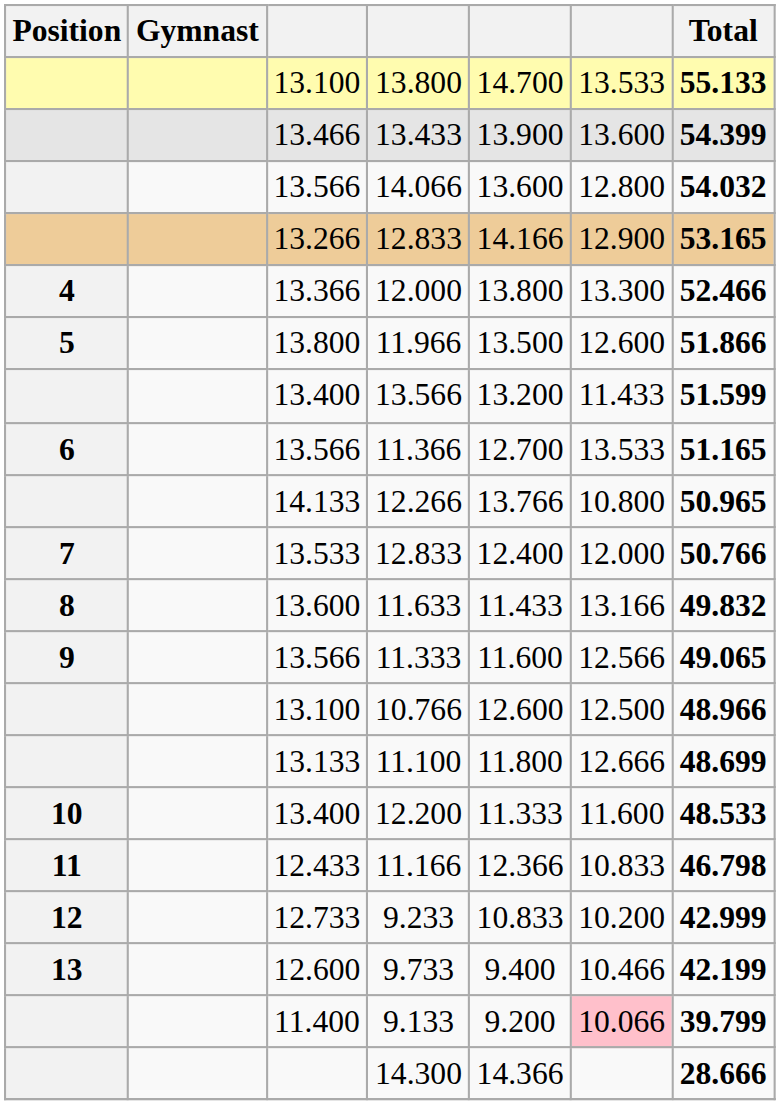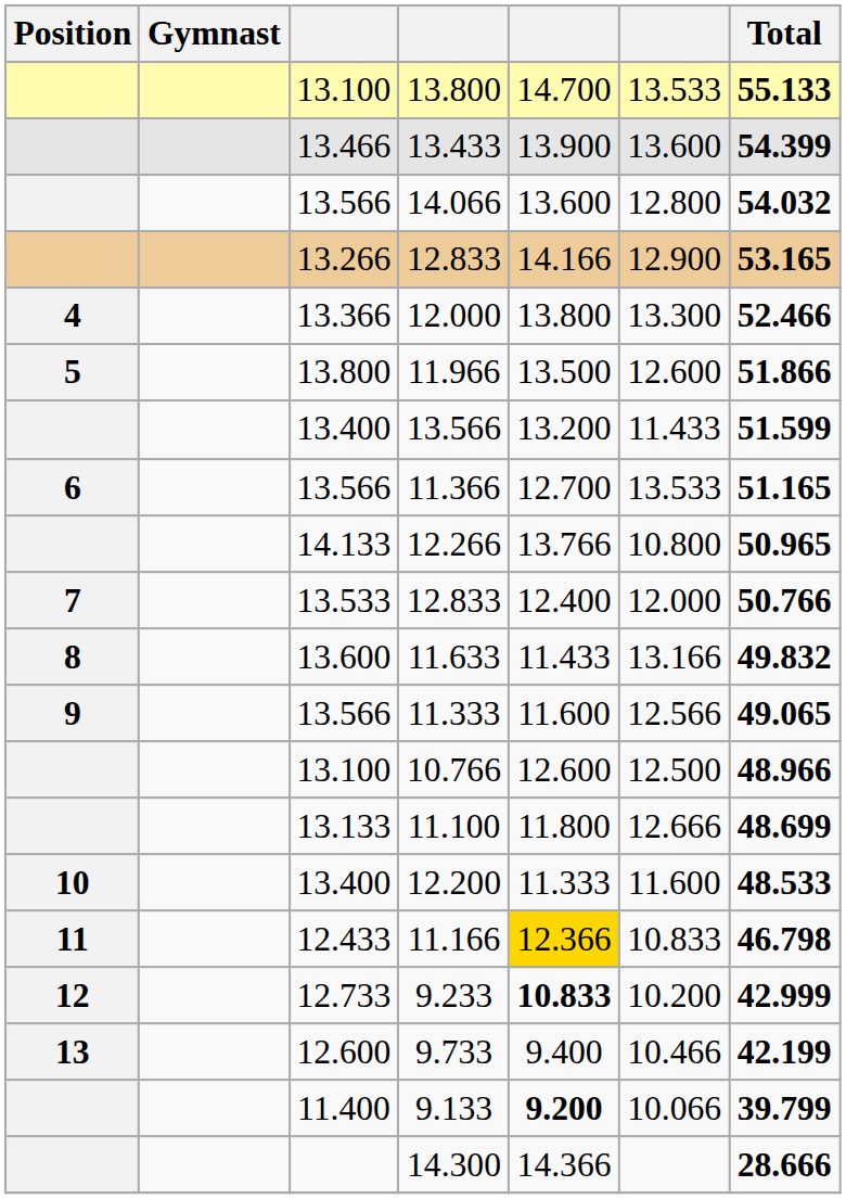 <table class="wikitable sortable" style="text-align:center; font-size:95%">
 <tr>
 <th>Position</th>
 <th>Gymnast</th>
 <th></th>
 <th></th>
 <th></th>
 <th></th>
 <th>Total</th>
 </tr>
 <tr bgcolor=fffcaf>
 <td></td>
 <td align=left></td>
 <td>13.100</td>
 <td>13.800</td>
 <td>14.700</td>
 <td>13.533</td>
 <td><strong>55.133</strong></td>
 </tr>
 <tr bgcolor=e5e5e5>
 <td></td>
 <td align=left></td>
 <td>13.466</td>
 <td>13.433</td>
 <td>13.900</td>
 <td>13.600</td>
 <td><strong>54.399</strong></td>
 </tr>
 <tr>
 <th></th>
 <td align=left></td>
 <td>13.566</td>
 <td>14.066</td>
 <td>13.600</td>
 <td>12.800</td>
 <td><strong>54.032</strong></td>
 </tr>
 <tr bgcolor=eecc99>
 <td></td>
 <td align=left></td>
 <td>13.266</td>
 <td>12.833</td>
 <td>14.166</td>
 <td>12.900</td>
 <td><strong>53.165</strong></td>
 </tr>
 <tr>
 <th><strong>4</strong></th>
 <td align=left></td>
 <td>13.366</td>
 <td>12.000</td>
 <td>13.800</td>
 <td>13.300</td>
 <td><strong>52.466</strong></td>
 </tr>
 <tr>
 <th><strong>5</strong></th>
 <td align=left></td>
 <td>13.800</td>
 <td>11.966</td>
 <td>13.500</td>
 <td>12.600</td>
 <td><strong>51.866</strong></td>
 </tr>
 <tr>
 <th></th>
 <td align=left></td>
 <td>13.400</td>
 <td>13.566</td>
 <td>13.200</td>
 <td>11.433</td>
 <td><strong>51.599</strong></td>
 </tr>
 <tr>
 <th><strong>6</strong></th>
 <td align=left></td>
 <td>13.566</td>
 <td>11.366</td>
 <td>12.700</td>
 <td>13.533</td>
 <td><strong>51.165</strong></td>
 </tr>
 <tr>
 <th></th>
 <td align=left></td>
 <td>14.133</td>
 <td>12.266</td>
 <td>13.766</td>
 <td>10.800</td>
 <td><strong>50.965</strong></td>
 </tr>
 <tr>
 <th><strong>7</strong></th>
 <td align=left></td>
 <td>13.533</td>
 <td>12.833</td>
 <td>12.400</td>
 <td>12.000</td>
 <td><strong>50.766</strong></td>
 </tr>
 <tr>
 <th><strong>8</strong></th>
 <td align=left></td>
 <td>13.600</td>
 <td>11.633</td>
 <td>11.433</td>
 <td>13.166</td>
 <td><strong>49.832</strong></td>
 </tr>
 <tr>
 <th><strong>9</strong></th>
 <td align=left></td>
 <td>13.566</td>
 <td>11.333</td>
 <td>11.600</td>
 <td>12.566</td>
 <td><strong>49.065</strong></td>
 </tr>
 <tr>
 <th></th>
 <td align=left></td>
 <td>13.100</td>
 <td>10.766</td>
 <td>12.600</td>
 <td>12.500</td>
 <td><strong>48.966</strong></td>
 </tr>
 <tr>
 <th></th>
 <td align=left></td>
 <td>13.133</td>
 <td>11.100</td>
 <td>11.800</td>
 <td>12.666</td>
 <td><strong>48.699</strong></td>
 </tr>
 <tr>
 <th><strong>10</strong></th>
 <td align=left></td>
 <td>13.400</td>
 <td>12.200</td>
 <td>11.333</td>
 <td>11.600</td>
 <td><strong>48.533</strong></td>
 </tr>
 <tr>
 <th><strong>11</strong></th>
 <td align=left></td>
 <td>12.433</td>
 <td>11.166</td>
-<td>12.366</td>
+<td style="background: gold;">12.366</td>
 <td>10.833</td>
 <td><strong>46.798</strong></td>
 </tr>
 <tr>
 <th><strong>12</strong></th>
 <td align=left></td>
 <td>12.733</td>
 <td>9.233</td>
-<td>10.833</td>
+<td><strong>10.833</strong></td>
 <td>10.200</td>
 <td><strong>42.999</strong></td>
 </tr>
 <tr>
 <th><strong>13</strong></th>
 <td align=left></td>
 <td>12.600</td>
 <td>9.733</td>
 <td>9.400</td>
 <td>10.466</td>
 <td><strong>42.199</strong></td>
 </tr>
 <tr>
 <th></th>
 <td align=left></td>
 <td>11.400</td>
 <td>9.133</td>
-<td>9.200</td>
-<td style="background: pink;">10.066</td>
+<td><strong>9.200</strong></td>
+<td>10.066</td>
 <td><strong>39.799</strong></td>
 </tr>
 <tr>
 <th></th>
 <td align=left></td>
 <td></td>
 <td>14.300</td>
 <td>14.366</td>
 <td></td>
 <td><strong>28.666</strong></td>
 </tr>
 <tr>
 </tr>
 </table>
